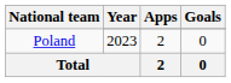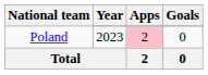 <table class="wikitable" style="text-align:center">
 <tr>
 <th>National team</th>
 <th>Year</th>
 <th>Apps</th>
 <th>Goals</th>
 </tr>
 <tr>
 <td rowspan=2><a href='#'>Poland</a></td>
 </tr>
 <tr>
 <td>2023</td>
-<td>2</td>
+<td style="background: pink;">2</td>
 <td>0</td>
 </tr>
 <tr>
 <th colspan="2">Total</th>
 <th>2</th>
 <th>0</th>
 </tr>
 </table>
